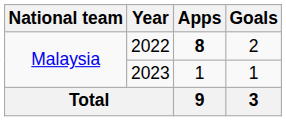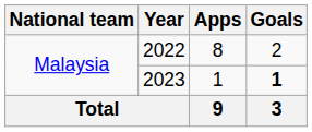 <table class=wikitable style=text-align:center>
 <tr>
 <th>National team</th>
 <th>Year</th>
 <th>Apps</th>
 <th>Goals</th>
 </tr>
 <tr>
 <td rowspan="2"><a href='#'>Malaysia</a></td>
 <td>2022</td>
-<td><strong>8</strong></td>
+<td>8</td>
 <td>2</td>
 </tr>
 <tr>
 <td>2023</td>
 <td>1</td>
-<td>1</td>
+<td><strong>1</strong></td>
 </tr>
 <tr>
 <th colspan="2">Total</th>
 <th>9</th>
 <th>3</th>
 </tr>
 </table>
